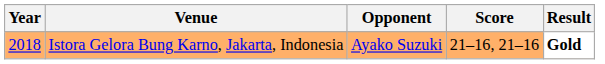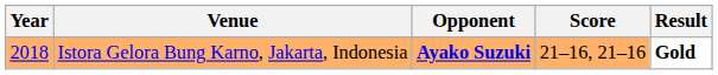 <table class="sortable wikitable" style="font-size: 90%;">
 <tr>
 <th>Year</th>
 <th>Venue</th>
 <th>Opponent</th>
 <th>Score</th>
 <th>Result</th>
 </tr>
 <tr style="background:#FFB069">
 <td align="center" rowspan="5"><a href='#'>2018</a></td>
 <td align="left" rowspan="5"><a href='#'>Istora Gelora Bung Karno</a>, <a href='#'>Jakarta</a>, Indonesia</td>
-<td align="left"> <a href='#'>Ayako Suzuki</a></td>
+<td align="left"><strong> <a href='#'>Ayako Suzuki</a></strong></td>
 <td align="left">21–16, 21–16</td>
 <td style="text-align:left; background:white"> <strong>Gold</strong></td>
 </tr>
 </table>
